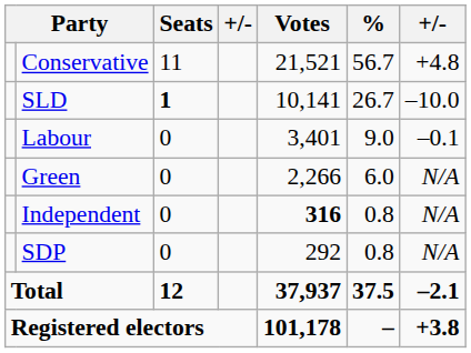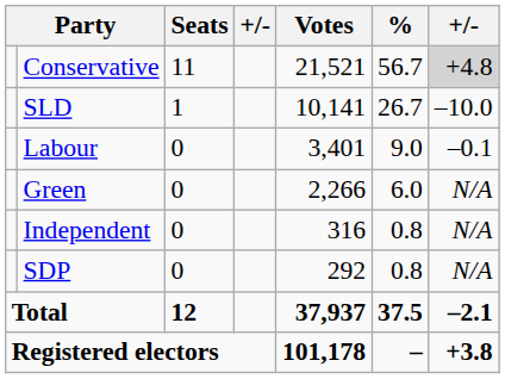 <table class="wikitable sortable">
 <tr>
 <th colspan="2">Party</th>
 <th>Seats</th>
 <th>+/-</th>
 <th>Votes</th>
 <th>%</th>
 <th>+/-</th>
 </tr>
 <tr>
 <td style="background-color: "></td>
 <td><a href='#'>Conservative</a></td>
 <td>11</td>
 <td></td>
 <td style="text-align:right;">21,521</td>
 <td style="text-align:right;">56.7</td>
-<td style="text-align:right;">+4.8</td>
+<td style="background: lightgrey; text-align:right;">+4.8</td>
 </tr>
 <tr>
 <td style="background-color: "></td>
 <td><a href='#'>SLD</a></td>
-<td><strong>1</strong></td>
+<td>1</td>
 <td></td>
 <td style="text-align:right;">10,141</td>
 <td style="text-align:right;">26.7</td>
 <td style="text-align:right;">–10.0</td>
 </tr>
 <tr>
 <td style="background-color: "></td>
 <td><a href='#'>Labour</a></td>
 <td>0</td>
 <td></td>
 <td style="text-align:right;">3,401</td>
 <td style="text-align:right;">9.0</td>
 <td style="text-align:right;">–0.1</td>
 </tr>
 <tr>
 <td style="background-color: "></td>
 <td><a href='#'>Green</a></td>
 <td>0</td>
 <td></td>
 <td style="text-align:right;">2,266</td>
 <td style="text-align:right;">6.0</td>
 <td style="text-align:right;"><em>N/A</em></td>
 </tr>
 <tr>
 <td style="background-color: "></td>
 <td><a href='#'>Independent</a></td>
 <td>0</td>
 <td></td>
-<td style="text-align:right;"><strong>316</strong></td>
+<td style="text-align:right;">316</td>
 <td style="text-align:right;">0.8</td>
 <td style="text-align:right;"><em>N/A</em></td>
 </tr>
 <tr>
 <td style="background-color: "></td>
 <td><a href='#'>SDP</a></td>
 <td>0</td>
 <td></td>
 <td style="text-align:right;">292</td>
 <td style="text-align:right;">0.8</td>
 <td style="text-align:right;"><em>N/A</em></td>
 </tr>
 <tr>
 <td colspan="2"><strong>Total</strong></td>
 <td><strong>12</strong></td>
 <td></td>
 <td style="text-align:right;"><strong>37,937</strong></td>
 <td style="text-align:right;"><strong>37.5</strong></td>
 <td style="text-align:right;"><strong>–2.1</strong></td>
 </tr>
 <tr>
 <td colspan="4"><strong>Registered electors</strong></td>
 <td style="text-align:right;"><strong>101,178</strong></td>
 <td style="text-align:right;"><strong>–</strong></td>
 <td style="text-align:right;"><strong>+3.8</strong></td>
 </tr>
 </table>
